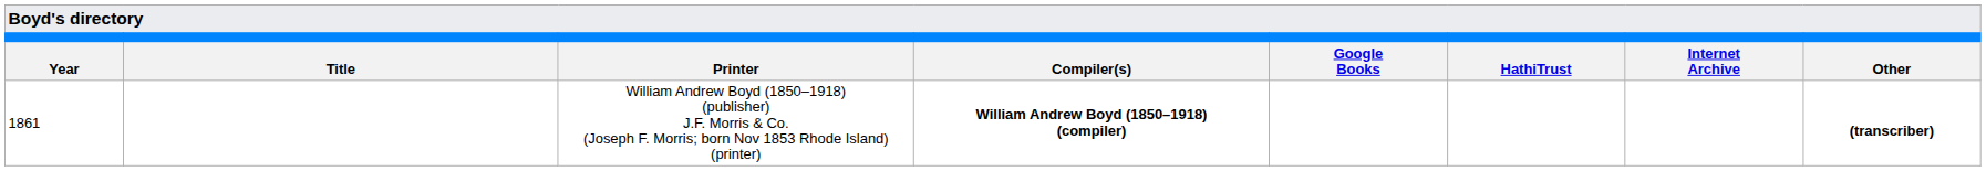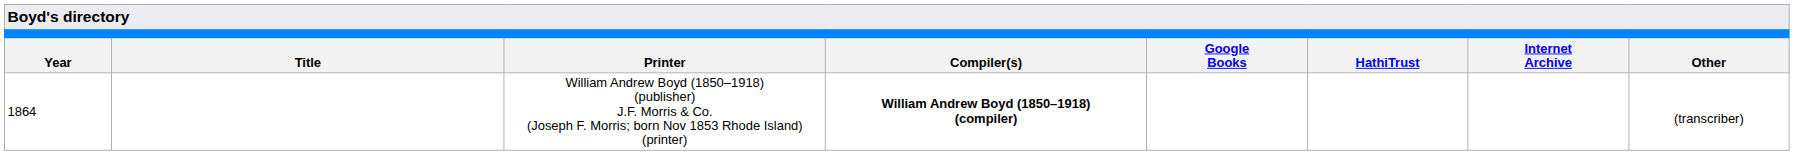 <table class="wikitable collapsible sortable static-row-numbers" cellpadding="1" style="color: black; background-color: #FFFFFF; font-size: 90%; width:100%">
 <tr class="static-row-header" style="text-align:center;vertical-align:bottom;">
 <th style="text-align:left; background:#eaecf0; border-style: solid; border-width: 0px 0px 0px 0px;" colspan=8><big><strong>Boyd's directory</strong></big></th>
 </tr>
 <tr class="static-row-header" style="text-align:center;vertical-align:bottom;border-style: solid; border-color: #0085ff; border-width: 10px 0px 0px 0px;">
 <th>Year</th>
 <th>Title</th>
 <th>Printer</th>
 <th>Compiler(s)</th>
 <th><a href='#'>Google<br>Books</a></th>
 <th><a href='#'>HathiTrust</a></th>
 <th><a href='#'>Internet<br>Archive</a></th>
 <th>Other</th>
 </tr>
 <tr>
-<td width="6%;" data-sort-value="1864">1861</td>
+<td width="6%;" data-sort-value="1864">1864</td>
 <td width="22%" data-sort-value="boyd's flushing 1864"></td>
 <td style="text-align:center" width="18%" data-sort-value="boyd 1864">William Andrew Boyd (1850–1918)<br>(publisher)<br>J.F. Morris & Co.<br>(Joseph F. Morris; born Nov 1853 Rhode Island)<br>(printer)</td>
 <td style="text-align:center" width="18%"data-sort-value="boyd 1864"><strong>William Andrew Boyd (1850–1918)<br>(compiler)</strong></td>
 <td style="text-align:center" width="9%"></td>
 <td style="text-align:center" width="9%"></td>
 <td style="text-align:center" width="9%"></td>
-<td style="text-align:center" width="9%" data-sort-value="fagan 1864"><strong><br>(transcriber)<br></strong></td>
+<td style="text-align:center" width="9%" data-sort-value="fagan 1864"><br>(transcriber)<br></td>
 </tr>
 </table>
